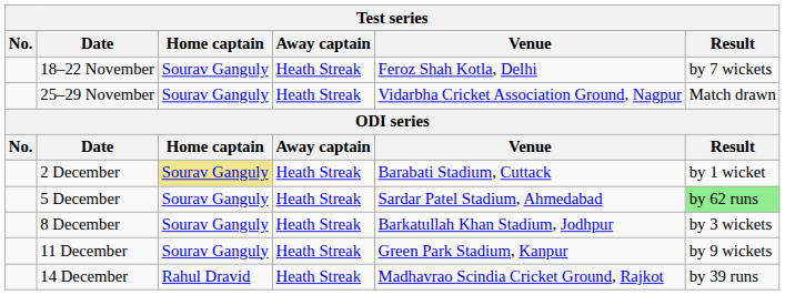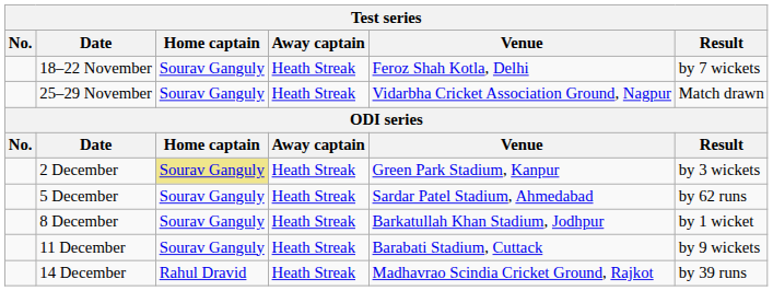 <table class="wikitable">
 <tr>
 <th colspan="9">Test series</th>
 </tr>
 <tr>
 <th>No.</th>
 <th>Date</th>
 <th>Home captain</th>
 <th>Away captain</th>
 <th>Venue</th>
 <th>Result</th>
 </tr>
 <tr>
 <td></td>
 <td>18–22 November</td>
 <td><a href='#'>Sourav Ganguly</a></td>
 <td><a href='#'>Heath Streak</a></td>
 <td><a href='#'>Feroz Shah Kotla</a>, <a href='#'>Delhi</a></td>
 <td> by 7 wickets</td>
 </tr>
 <tr>
 <td></td>
 <td>25–29 November</td>
 <td><a href='#'>Sourav Ganguly</a></td>
 <td><a href='#'>Heath Streak</a></td>
 <td><a href='#'>Vidarbha Cricket Association Ground</a>, <a href='#'>Nagpur</a></td>
 <td>Match drawn</td>
 </tr>
 <tr>
 <th colspan="9">ODI series</th>
 </tr>
 <tr>
 <th>No.</th>
 <th>Date</th>
 <th>Home captain</th>
 <th>Away captain</th>
 <th>Venue</th>
 <th>Result</th>
 </tr>
 <tr>
 <td></td>
 <td>2 December</td>
 <td style="background: khaki;"><a href='#'>Sourav Ganguly</a></td>
 <td><a href='#'>Heath Streak</a></td>
-<td><a href='#'>Barabati Stadium</a>, <a href='#'>Cuttack</a></td>
-<td> by 1 wicket</td>
+<td><a href='#'>Green Park Stadium</a>, <a href='#'>Kanpur</a></td>
+<td> by 3 wickets</td>
 </tr>
 <tr>
 <td></td>
 <td>5 December</td>
 <td><a href='#'>Sourav Ganguly</a></td>
 <td><a href='#'>Heath Streak</a></td>
 <td><a href='#'>Sardar Patel Stadium</a>, <a href='#'>Ahmedabad</a></td>
-<td style="background: lightgreen;"> by 62 runs</td>
+<td> by 62 runs</td>
 </tr>
 <tr>
 <td></td>
 <td>8 December</td>
 <td><a href='#'>Sourav Ganguly</a></td>
 <td><a href='#'>Heath Streak</a></td>
 <td><a href='#'>Barkatullah Khan Stadium</a>, <a href='#'>Jodhpur</a></td>
-<td> by 3 wickets</td>
+<td> by 1 wicket</td>
 </tr>
 <tr>
 <td></td>
 <td>11 December</td>
 <td><a href='#'>Sourav Ganguly</a></td>
 <td><a href='#'>Heath Streak</a></td>
-<td><a href='#'>Green Park Stadium</a>, <a href='#'>Kanpur</a></td>
+<td><a href='#'>Barabati Stadium</a>, <a href='#'>Cuttack</a></td>
 <td> by 9 wickets</td>
 </tr>
 <tr>
 <td></td>
 <td>14 December</td>
 <td><a href='#'>Rahul Dravid</a></td>
 <td><a href='#'>Heath Streak</a></td>
 <td><a href='#'>Madhavrao Scindia Cricket Ground</a>, <a href='#'>Rajkot</a></td>
 <td> by 39 runs</td>
 </tr>
 </table>
